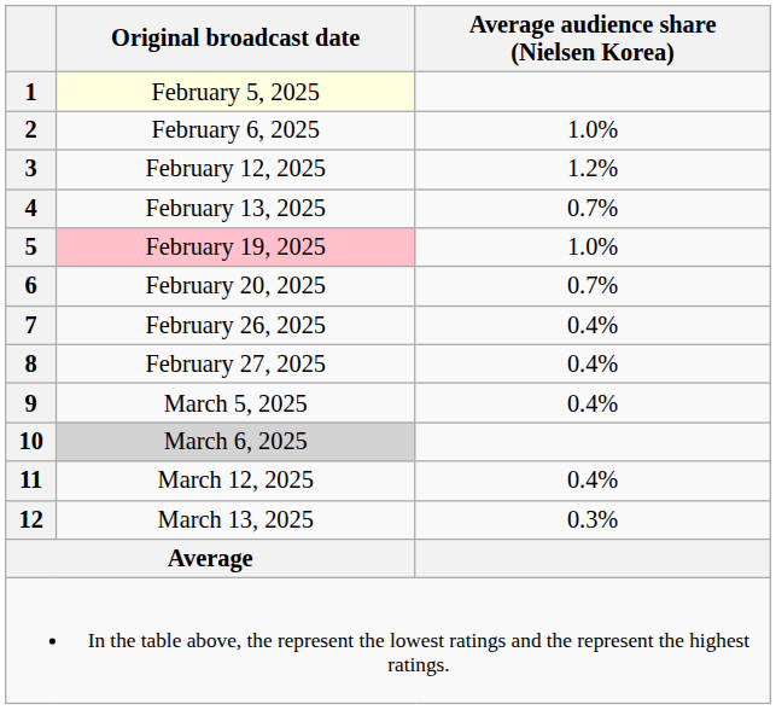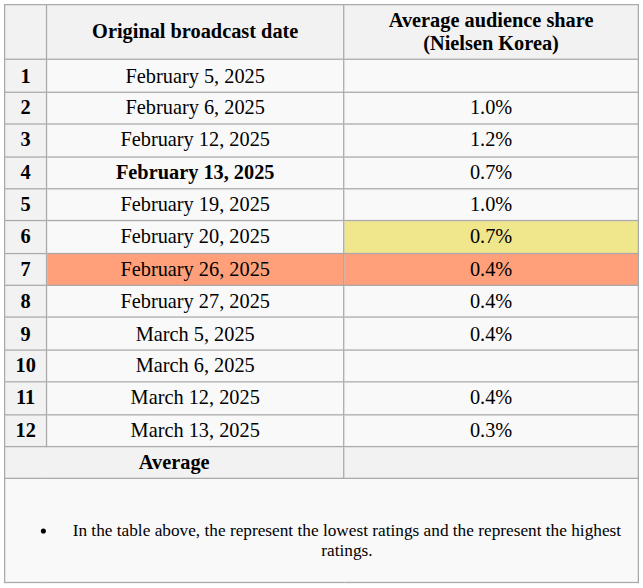 <table class="wikitable" style="width:500px; text-align:center">
 <tr>
 <th scope="col"></th>
 <th scope="col">Original broadcast date</th>
 <th scope="col">Average audience share<br>(Nielsen Korea)</th>
 </tr>
 <tr>
 <th scope="row">1</th>
-<td style="background: lightyellow;">February 5, 2025</td>
+<td>February 5, 2025</td>
 <td><strong></strong> </td>
 </tr>
 <tr>
 <th scope="row">2</th>
 <td>February 6, 2025</td>
 <td>1.0% </td>
 </tr>
 <tr>
 <th scope="row">3</th>
 <td>February 12, 2025</td>
 <td>1.2% </td>
 </tr>
 <tr>
 <th scope="row">4</th>
-<td>February 13, 2025</td>
+<td><strong>February 13, 2025</strong></td>
 <td>0.7% </td>
 </tr>
 <tr>
 <th scope="row">5</th>
-<td style="background: pink;">February 19, 2025</td>
+<td>February 19, 2025</td>
 <td>1.0% </td>
 </tr>
 <tr>
 <th scope="row">6</th>
 <td>February 20, 2025</td>
-<td>0.7% </td>
+<td style="background: khaki;">0.7% </td>
 </tr>
 <tr>
 <th scope="row">7</th>
-<td>February 26, 2025</td>
-<td>0.4% </td>
+<td style="background: lightsalmon;">February 26, 2025</td>
+<td style="background: lightsalmon;">0.4% </td>
 </tr>
 <tr>
 <th scope="row">8</th>
 <td>February 27, 2025</td>
 <td>0.4% </td>
 </tr>
 <tr>
 <th scope="row">9</th>
 <td>March 5, 2025</td>
 <td>0.4% </td>
 </tr>
 <tr>
 <th scope="row">10</th>
-<td style="background: lightgrey;">March 6, 2025</td>
+<td>March 6, 2025</td>
 <td><strong></strong> </td>
 </tr>
 <tr>
 <th scope="row">11</th>
 <td>March 12, 2025</td>
 <td>0.4% </td>
 </tr>
 <tr>
 <th scope="row">12</th>
 <td>March 13, 2025</td>
 <td>0.3% </td>
 </tr>
 <tr>
 <th scope="col" colspan="2">Average</th>
 <th scope="col"></th>
 </tr>
 <tr>
 <td colspan="3" style="font-size:85%"><br><ul><li>In the table above, the <strong></strong> represent the lowest ratings and the <strong></strong> represent the highest ratings.</li></ul></td>
 </tr>
 </table>
